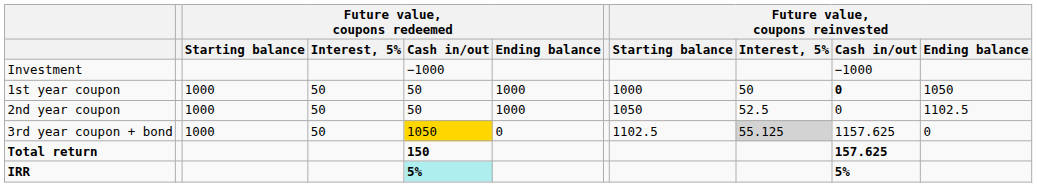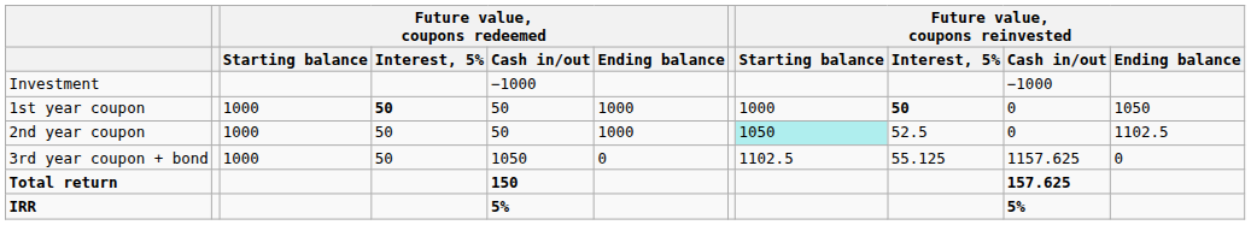 <table class="wikitable">
 <tr>
 <th></th>
 <th></th>
 <th colspan="4">Future value,<br>coupons redeemed</th>
 <th></th>
 <th colspan="4">Future value,<br>coupons reinvested</th>
 </tr>
 <tr>
 <th></th>
 <th></th>
 <th>Starting balance</th>
 <th>Interest, 5%</th>
 <th>Cash in/out</th>
 <th>Ending balance</th>
 <th></th>
 <th>Starting balance</th>
 <th>Interest, 5%</th>
 <th>Cash in/out</th>
 <th>Ending balance</th>
 </tr>
 <tr>
 <td>Investment</td>
 <td></td>
 <td></td>
 <td></td>
 <td>−1000</td>
 <td></td>
 <td></td>
 <td></td>
 <td></td>
 <td>−1000</td>
 <td></td>
 </tr>
 <tr>
 <td>1st year coupon</td>
 <td></td>
 <td>1000</td>
-<td>50</td>
+<td><strong>50</strong></td>
 <td>50</td>
 <td>1000</td>
 <td></td>
 <td>1000</td>
-<td>50</td>
-<td><strong>0</strong></td>
+<td><strong>50</strong></td>
+<td>0</td>
 <td>1050</td>
 </tr>
 <tr>
 <td>2nd year coupon</td>
 <td></td>
 <td>1000</td>
 <td>50</td>
 <td>50</td>
 <td>1000</td>
 <td></td>
-<td>1050</td>
+<td style="background: paleturquoise;">1050</td>
 <td>52.5</td>
 <td>0</td>
 <td>1102.5</td>
 </tr>
 <tr>
 <td>3rd year coupon + bond</td>
 <td></td>
 <td>1000</td>
 <td>50</td>
-<td style="background: gold;">1050</td>
+<td>1050</td>
 <td>0</td>
 <td></td>
 <td>1102.5</td>
-<td style="background: lightgrey;">55.125</td>
+<td>55.125</td>
 <td>1157.625</td>
 <td>0</td>
 </tr>
 <tr>
 <td><strong>Total return</strong></td>
 <td></td>
 <td></td>
 <td></td>
 <td><strong>150</strong></td>
 <td></td>
 <td></td>
 <td></td>
 <td></td>
 <td><strong>157.625</strong></td>
 <td></td>
 </tr>
 <tr>
 <td><strong>IRR</strong></td>
 <td></td>
 <td></td>
 <td></td>
-<td style="background: paleturquoise;"><strong>5%</strong></td>
+<td><strong>5%</strong></td>
 <td></td>
 <td></td>
 <td></td>
 <td></td>
 <td><strong>5%</strong></td>
 <td></td>
 </tr>
 </table>
